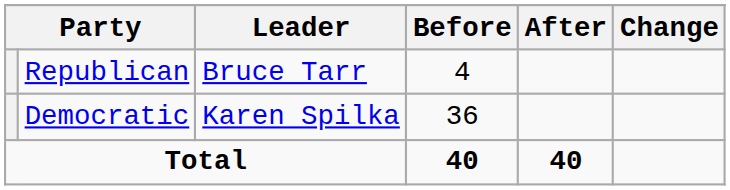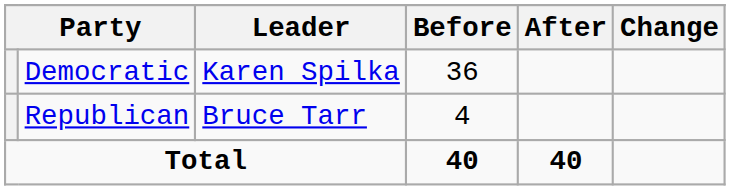 <table class="wikitable" style="text-align:center;">
 <tr>
 </tr>
 <tr>
 <th colspan="2">Party</th>
 <th>Leader</th>
 <th style="width:3em">Before</th>
 <th style="width:3em">After</th>
 <th style="width:3em">Change</th>
 </tr>
 <tr>
 <th style="background-color:"></th>
-<td style="text-align:left;"><a href='#'>Republican</a></td>
-<td style="text-align:left;"><a href='#'>Bruce Tarr</a></td>
-<td>4</td>
+<td style="text-align:left;"><a href='#'>Democratic</a></td>
+<td style="text-align:left;"><a href='#'>Karen Spilka</a></td>
+<td>36</td>
 <td></td>
 <td></td>
 </tr>
 <tr>
 <th style="background-color:"></th>
-<td style="text-align:left;"><a href='#'>Democratic</a></td>
-<td style="text-align:left;"><a href='#'>Karen Spilka</a></td>
-<td>36</td>
+<td style="text-align:left;"><a href='#'>Republican</a></td>
+<td style="text-align:left;"><a href='#'>Bruce Tarr</a></td>
+<td>4</td>
 <td></td>
 <td></td>
 </tr>
 <tr>
 <td colspan="3"><strong>Total</strong></td>
 <td><strong>40</strong></td>
 <td><strong>40</strong></td>
 <td></td>
 </tr>
 </table>
